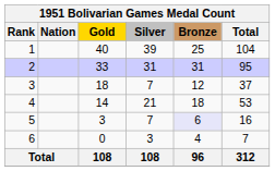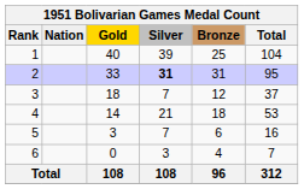 <table class="wikitable" border="2" style="text-align:center">
 <tr>
 <th colspan=6>1951 Bolivarian Games Medal Count</th>
 </tr>
 <tr bgcolor="#efefef">
 <th>Rank</th>
 <td align=left><strong>Nation</strong></td>
 <td bgcolor="gold" align=center width=60><strong>Gold</strong></td>
 <td bgcolor="silver" align=center width=60><strong>Silver</strong></td>
 <td bgcolor="CC9966" align=center width=60><strong>Bronze</strong></td>
 <th width=60>Total</th>
 </tr>
 <tr>
 <td align=right>1</td>
 <td align=left></td>
 <td>40</td>
 <td>39</td>
 <td>25</td>
 <td>104</td>
 </tr>
 <tr style="background:#ccccff">
 <td align=right>2</td>
 <td align=left></td>
 <td>33</td>
-<td>31</td>
+<td><strong>31</strong></td>
 <td>31</td>
 <td>95</td>
 </tr>
 <tr>
 <td align=right>3</td>
 <td align=left></td>
 <td>18</td>
 <td>7</td>
 <td>12</td>
 <td>37</td>
 </tr>
 <tr>
 <td align=right>4</td>
 <td align=left></td>
 <td>14</td>
 <td>21</td>
 <td>18</td>
 <td>53</td>
 </tr>
 <tr>
 <td align=right>5</td>
 <td align=left></td>
 <td>3</td>
 <td>7</td>
-<td style="background: lavender;">6</td>
+<td>6</td>
 <td>16</td>
 </tr>
 <tr>
 <td align=right>6</td>
 <td align=left></td>
 <td>0</td>
 <td>3</td>
 <td>4</td>
 <td>7</td>
 </tr>
 <tr>
 <th colspan="2">Total</th>
 <th>108</th>
 <th>108</th>
 <th>96</th>
 <th>312</th>
 </tr>
 <tr>
 </tr>
 </table>
